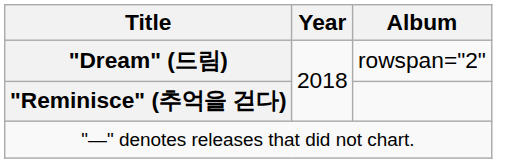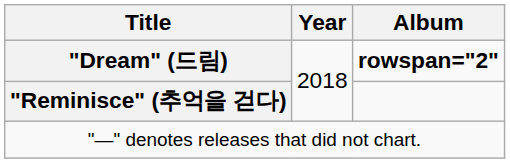 <table class="wikitable plainrowheaders" style="text-align:center;">
 <tr>
 <th scope="col">Title</th>
 <th scope="col">Year</th>
 <th scope="col">Album</th>
 </tr>
 <tr>
 <th scope="row">"Dream" (드림)</th>
 <td rowspan="2">2018</td>
-<td>rowspan="2" </td>
+<td><strong>rowspan="2" </strong></td>
 </tr>
 <tr>
 <th scope="row">"Reminisce" (추억을 걷다)</th>
 </tr>
 <tr>
 <td colspan="5" align="center"><small>"—" denotes releases that did not chart.</small></td>
 </tr>
 </table>
